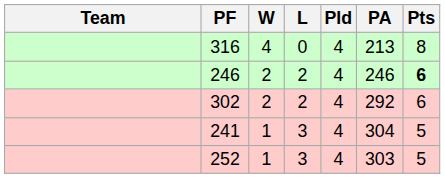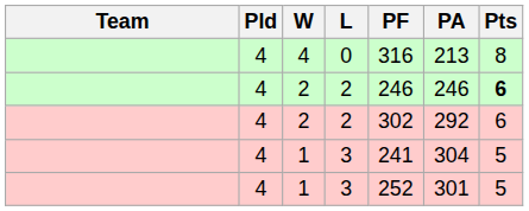 <table class="wikitable" style="text-align:center;">
 <tr>
 <th width=170>Team</th>
-<th width=35>PF</th>
+<th width=25>Pld</th>
 <th width=25>W</th>
 <th width=25>L</th>
-<th width=25>Pld</th>
+<th width=35>PF</th>
 <th width=35>PA</th>
 <th width=25>Pts</th>
 </tr>
 <tr bgcolor=#ccffcc>
 <td align="left"></td>
-<td>316</td>
+<td>4</td>
 <td>4</td>
 <td>0</td>
-<td>4</td>
+<td>316</td>
 <td>213</td>
 <td>8</td>
 </tr>
 <tr bgcolor=#ccffcc>
 <td align="left"></td>
-<td>246</td>
+<td>4</td>
 <td>2</td>
 <td>2</td>
-<td>4</td>
+<td>246</td>
 <td>246</td>
 <td><strong>6</strong></td>
 </tr>
 <tr bgcolor=#ffcccc>
 <td align="left"></td>
-<td>302</td>
+<td>4</td>
 <td>2</td>
 <td>2</td>
-<td>4</td>
+<td>302</td>
 <td>292</td>
 <td>6</td>
 </tr>
 <tr bgcolor=#ffcccc>
 <td align="left"></td>
-<td>241</td>
+<td>4</td>
 <td>1</td>
 <td>3</td>
-<td>4</td>
+<td>241</td>
 <td>304</td>
 <td>5</td>
 </tr>
 <tr bgcolor=#ffcccc>
 <td align="left"></td>
-<td>252</td>
+<td>4</td>
 <td>1</td>
 <td>3</td>
-<td>4</td>
-<td>303</td>
+<td>252</td>
+<td>301</td>
 <td>5</td>
 </tr>
 </table>
